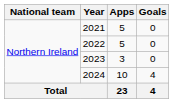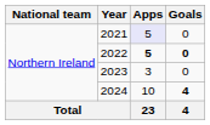 <table class="wikitable" style="text-align: center;">
 <tr>
 <th>National team</th>
 <th>Year</th>
 <th>Apps</th>
 <th>Goals</th>
 </tr>
 <tr>
 <td rowspan="4"><a href='#'>Northern Ireland</a></td>
 <td>2021</td>
-<td>5</td>
+<td style="background: lavender;">5</td>
 <td>0</td>
 </tr>
 <tr>
 <td>2022</td>
-<td>5</td>
-<td>0</td>
+<td><strong>5</strong></td>
+<td><strong>0</strong></td>
 </tr>
 <tr>
 <td>2023</td>
 <td>3</td>
 <td>0</td>
 </tr>
 <tr>
 <td>2024</td>
 <td>10</td>
-<td>4</td>
+<td><strong>4</strong></td>
 </tr>
 <tr>
 <th colspan="2">Total</th>
 <th>23</th>
 <th>4</th>
 </tr>
 </table>
